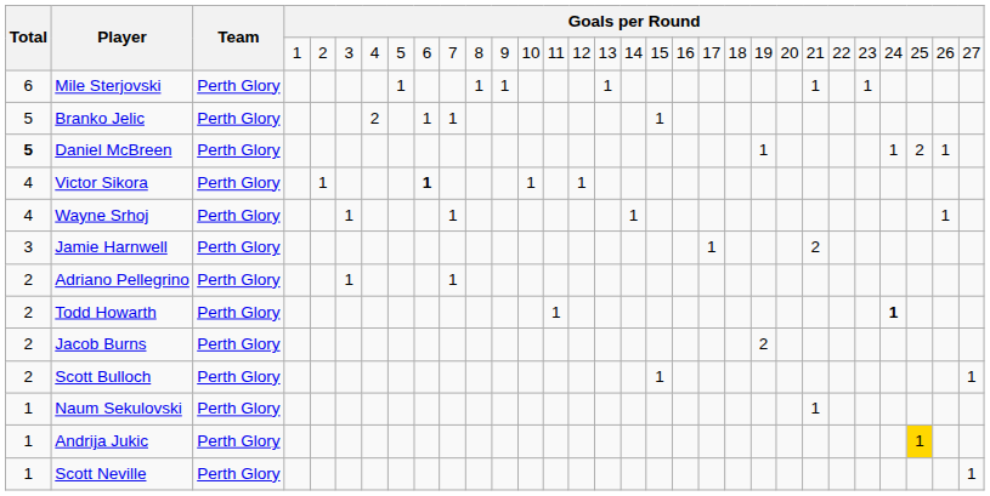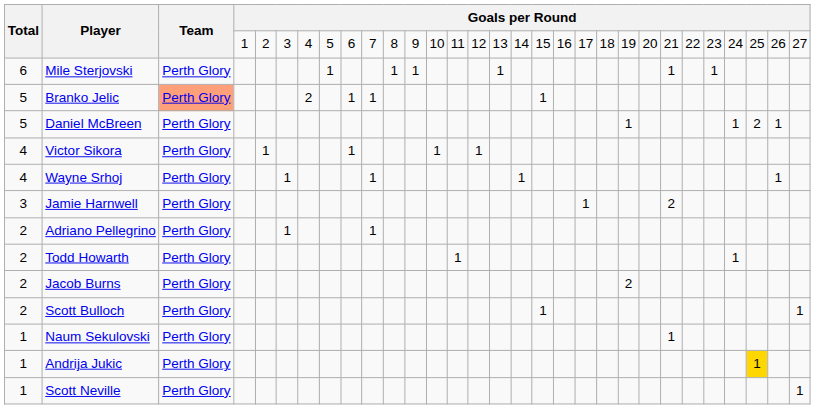 <table class="wikitable sortable" style="text-align:center; line-height: 150%; font-size:90%;">
 <tr>
 <th rowspan="2" class="unsortable">Total</th>
 <th rowspan="2" class="unsortable">Player</th>
 <th rowspan="2" class="unsortable">Team</th>
 <th colspan="27" class="unsortable">Goals per Round</th>
 </tr>
 <tr>
 <td> 1 </td>
 <td> 2 </td>
 <td> 3 </td>
 <td> 4 </td>
 <td> 5 </td>
 <td> 6 </td>
 <td> 7 </td>
 <td> 8 </td>
 <td> 9 </td>
 <td>10</td>
 <td>11</td>
 <td>12</td>
 <td>13</td>
 <td>14</td>
 <td>15</td>
 <td>16</td>
 <td>17</td>
 <td>18</td>
 <td>19</td>
 <td>20</td>
 <td>21</td>
 <td>22</td>
 <td>23</td>
 <td>24</td>
 <td>25</td>
 <td>26</td>
 <td>27</td>
 </tr>
 <tr>
 <td>6</td>
 <td style="text-align:left;"> <a href='#'>Mile Sterjovski</a></td>
 <td><a href='#'>Perth Glory</a></td>
 <td></td>
 <td></td>
 <td></td>
 <td></td>
 <td>1</td>
 <td></td>
 <td></td>
 <td>1</td>
 <td>1</td>
 <td></td>
 <td></td>
 <td></td>
 <td>1</td>
 <td></td>
 <td></td>
 <td></td>
 <td></td>
 <td></td>
 <td></td>
 <td></td>
 <td>1</td>
 <td></td>
 <td>1</td>
 <td></td>
 <td></td>
 <td></td>
 <td></td>
 </tr>
 <tr>
 <td>5</td>
 <td style="text-align:left;"> <a href='#'>Branko Jelic</a></td>
-<td><a href='#'>Perth Glory</a></td>
+<td style="background: lightsalmon;"><a href='#'>Perth Glory</a></td>
 <td></td>
 <td></td>
 <td></td>
 <td>2</td>
 <td></td>
 <td>1</td>
 <td>1</td>
 <td></td>
 <td></td>
 <td></td>
 <td></td>
 <td></td>
 <td></td>
 <td></td>
 <td>1</td>
 <td></td>
 <td></td>
 <td></td>
 <td></td>
 <td></td>
 <td></td>
 <td></td>
 <td></td>
 <td></td>
 <td></td>
 <td></td>
 <td></td>
 </tr>
 <tr>
-<td><strong>5</strong></td>
+<td>5</td>
 <td style="text-align:left;"> <a href='#'>Daniel McBreen</a></td>
 <td><a href='#'>Perth Glory</a></td>
 <td></td>
 <td></td>
 <td></td>
 <td></td>
 <td></td>
 <td></td>
 <td></td>
 <td></td>
 <td></td>
 <td></td>
 <td></td>
 <td></td>
 <td></td>
 <td></td>
 <td></td>
 <td></td>
 <td></td>
 <td></td>
 <td>1</td>
 <td></td>
 <td></td>
 <td></td>
 <td></td>
 <td>1</td>
 <td>2</td>
 <td>1</td>
 <td></td>
 </tr>
 <tr>
 <td>4</td>
 <td style="text-align:left;"> <a href='#'>Victor Sikora</a></td>
 <td><a href='#'>Perth Glory</a></td>
 <td></td>
 <td>1</td>
 <td></td>
 <td></td>
 <td></td>
-<td><strong>1</strong></td>
+<td>1</td>
 <td></td>
 <td></td>
 <td></td>
 <td>1</td>
 <td></td>
 <td>1</td>
 <td></td>
 <td></td>
 <td></td>
 <td></td>
 <td></td>
 <td></td>
 <td></td>
 <td></td>
 <td></td>
 <td></td>
 <td></td>
 <td></td>
 <td></td>
 <td></td>
 <td></td>
 </tr>
 <tr>
 <td>4</td>
 <td style="text-align:left;"> <a href='#'>Wayne Srhoj</a></td>
 <td><a href='#'>Perth Glory</a></td>
 <td></td>
 <td></td>
 <td>1</td>
 <td></td>
 <td></td>
 <td></td>
 <td>1</td>
 <td></td>
 <td></td>
 <td></td>
 <td></td>
 <td></td>
 <td></td>
 <td>1</td>
 <td></td>
 <td></td>
 <td></td>
 <td></td>
 <td></td>
 <td></td>
 <td></td>
 <td></td>
 <td></td>
 <td></td>
 <td></td>
 <td>1</td>
 <td></td>
 </tr>
 <tr>
 <td>3</td>
 <td style="text-align:left;"> <a href='#'>Jamie Harnwell</a></td>
 <td><a href='#'>Perth Glory</a></td>
 <td></td>
 <td></td>
 <td></td>
 <td></td>
 <td></td>
 <td></td>
 <td></td>
 <td></td>
 <td></td>
 <td></td>
 <td></td>
 <td></td>
 <td></td>
 <td></td>
 <td></td>
 <td></td>
 <td>1</td>
 <td></td>
 <td></td>
 <td></td>
 <td>2</td>
 <td></td>
 <td></td>
 <td></td>
 <td></td>
 <td></td>
 <td></td>
 </tr>
 <tr>
 <td>2</td>
 <td style="text-align:left;"> <a href='#'>Adriano Pellegrino</a></td>
 <td><a href='#'>Perth Glory</a></td>
 <td></td>
 <td></td>
 <td>1</td>
 <td></td>
 <td></td>
 <td></td>
 <td>1</td>
 <td></td>
 <td></td>
 <td></td>
 <td></td>
 <td></td>
 <td></td>
 <td></td>
 <td></td>
 <td></td>
 <td></td>
 <td></td>
 <td></td>
 <td></td>
 <td></td>
 <td></td>
 <td></td>
 <td></td>
 <td></td>
 <td></td>
 <td></td>
 </tr>
 <tr>
 <td>2</td>
 <td style="text-align:left;"> <a href='#'>Todd Howarth</a></td>
 <td><a href='#'>Perth Glory</a></td>
 <td></td>
 <td></td>
 <td></td>
 <td></td>
 <td></td>
 <td></td>
 <td></td>
 <td></td>
 <td></td>
 <td></td>
 <td>1</td>
 <td></td>
 <td></td>
 <td></td>
 <td></td>
 <td></td>
 <td></td>
 <td></td>
 <td></td>
 <td></td>
 <td></td>
 <td></td>
 <td></td>
-<td><strong>1</strong></td>
+<td>1</td>
 <td></td>
 <td></td>
 <td></td>
 </tr>
 <tr>
 <td>2</td>
 <td style="text-align:left;"> <a href='#'>Jacob Burns</a></td>
 <td><a href='#'>Perth Glory</a></td>
 <td></td>
 <td></td>
 <td></td>
 <td></td>
 <td></td>
 <td></td>
 <td></td>
 <td></td>
 <td></td>
 <td></td>
 <td></td>
 <td></td>
 <td></td>
 <td></td>
 <td></td>
 <td></td>
 <td></td>
 <td></td>
 <td>2</td>
 <td></td>
 <td></td>
 <td></td>
 <td></td>
 <td></td>
 <td></td>
 <td></td>
 <td></td>
 </tr>
 <tr>
 <td>2</td>
 <td style="text-align:left;"> <a href='#'>Scott Bulloch</a></td>
 <td><a href='#'>Perth Glory</a></td>
 <td></td>
 <td></td>
 <td></td>
 <td></td>
 <td></td>
 <td></td>
 <td></td>
 <td></td>
 <td></td>
 <td></td>
 <td></td>
 <td></td>
 <td></td>
 <td></td>
 <td>1</td>
 <td></td>
 <td></td>
 <td></td>
 <td></td>
 <td></td>
 <td></td>
 <td></td>
 <td></td>
 <td></td>
 <td></td>
 <td></td>
 <td>1</td>
 </tr>
 <tr>
 <td>1</td>
 <td style="text-align:left;"> <a href='#'>Naum Sekulovski</a></td>
 <td><a href='#'>Perth Glory</a></td>
 <td></td>
 <td></td>
 <td></td>
 <td></td>
 <td></td>
 <td></td>
 <td></td>
 <td></td>
 <td></td>
 <td></td>
 <td></td>
 <td></td>
 <td></td>
 <td></td>
 <td></td>
 <td></td>
 <td></td>
 <td></td>
 <td></td>
 <td></td>
 <td>1</td>
 <td></td>
 <td></td>
 <td></td>
 <td></td>
 <td></td>
 <td></td>
 </tr>
 <tr>
 <td>1</td>
 <td style="text-align:left;"> <a href='#'>Andrija Jukic</a></td>
 <td><a href='#'>Perth Glory</a></td>
 <td></td>
 <td></td>
 <td></td>
 <td></td>
 <td></td>
 <td></td>
 <td></td>
 <td></td>
 <td></td>
 <td></td>
 <td></td>
 <td></td>
 <td></td>
 <td></td>
 <td></td>
 <td></td>
 <td></td>
 <td></td>
 <td></td>
 <td></td>
 <td></td>
 <td></td>
 <td></td>
 <td></td>
 <td style="background: gold;">1</td>
 <td></td>
 <td></td>
 </tr>
 <tr>
 <td>1</td>
 <td style="text-align:left;"> <a href='#'>Scott Neville</a></td>
 <td><a href='#'>Perth Glory</a></td>
 <td></td>
 <td></td>
 <td></td>
 <td></td>
 <td></td>
 <td></td>
 <td></td>
 <td></td>
 <td></td>
 <td></td>
 <td></td>
 <td></td>
 <td></td>
 <td></td>
 <td></td>
 <td></td>
 <td></td>
 <td></td>
 <td></td>
 <td></td>
 <td></td>
 <td></td>
 <td></td>
 <td></td>
 <td></td>
 <td></td>
 <td>1</td>
 </tr>
 </table>
